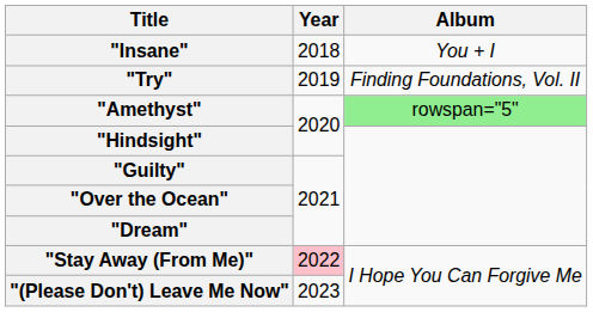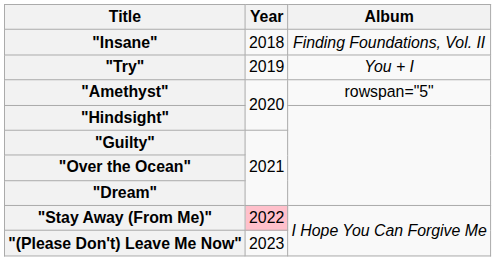 <table class="wikitable plainrowheaders" style="text-align:center;">
 <tr>
 <th class="unsortable" scope="col">Title</th>
 <th class="unsortable" scope="col">Year</th>
 <th class="unsortable" scope="col">Album</th>
 </tr>
 <tr>
 <th scope="row">"Insane"</th>
 <td>2018</td>
-<td><em>You + I</em></td>
+<td><em>Finding Foundations, Vol. II</em></td>
 </tr>
 <tr>
 <th scope="row">"Try"</th>
 <td>2019</td>
-<td><em>Finding Foundations, Vol. II</em></td>
+<td><em>You + I</em></td>
 </tr>
 <tr>
 <th scope="row">"Amethyst"</th>
 <td rowspan="2">2020</td>
-<td style="background: lightgreen;">rowspan="5"   </td>
+<td>rowspan="5"   </td>
 </tr>
 <tr>
 <th scope="row">"Hindsight"</th>
 </tr>
 <tr>
 <th scope="row">"Guilty"</th>
 <td rowspan="3">2021</td>
 </tr>
 <tr>
 <th scope="row">"Over the Ocean"</th>
 </tr>
 <tr>
 <th scope="row">"Dream"</th>
 </tr>
 <tr>
 <th scope="row">"Stay Away (From Me)"</th>
 <td style="background: pink;">2022</td>
 <td rowspan="2"><em>I Hope You Can Forgive Me</em></td>
 </tr>
 <tr>
 <th scope="row">"(Please Don't) Leave Me Now"</th>
 <td>2023</td>
 </tr>
 </table>
